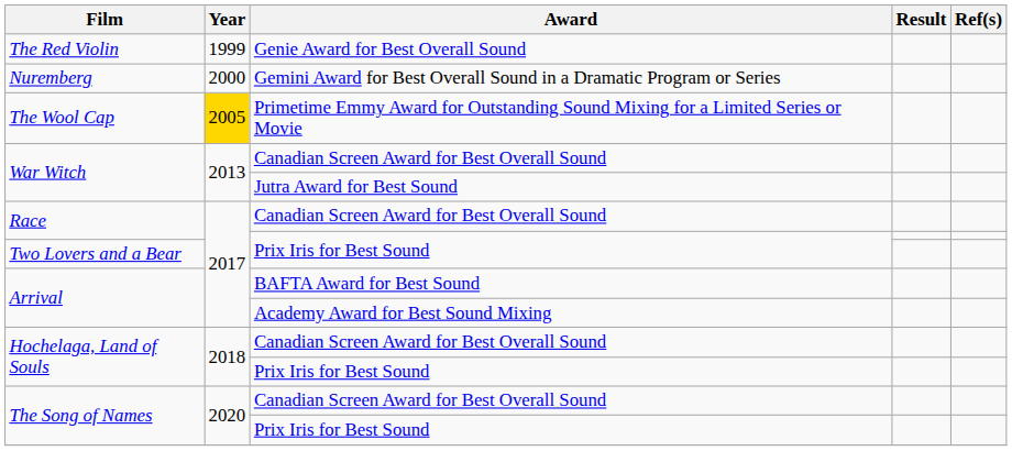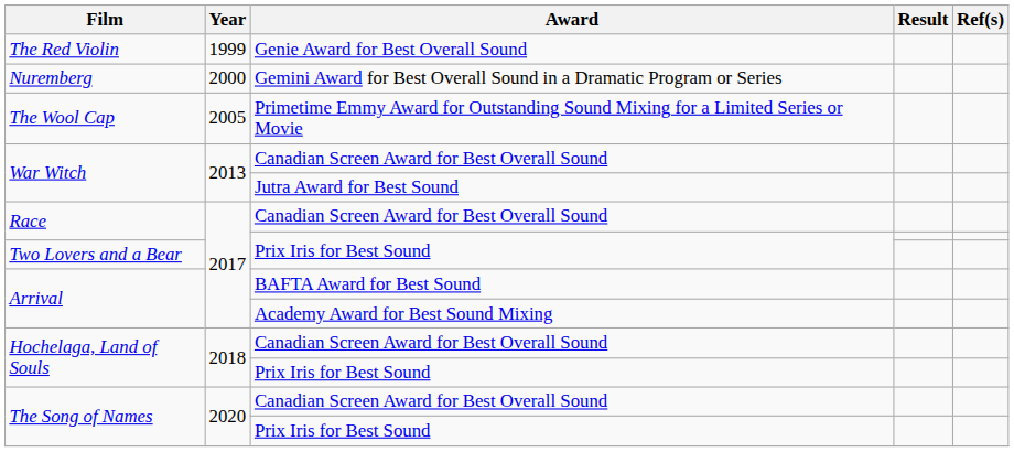 <table class="wikitable plainrowheaders sortable">
 <tr>
 <th>Film</th>
 <th>Year</th>
 <th>Award</th>
 <th>Result</th>
 <th>Ref(s)</th>
 </tr>
 <tr>
 <td><em><a href='#'>The Red Violin</a></em></td>
 <td>1999</td>
 <td><a href='#'>Genie Award for Best Overall Sound</a></td>
 <td></td>
 <td></td>
 </tr>
 <tr>
 <td><em><a href='#'>Nuremberg</a></em></td>
 <td>2000</td>
 <td><a href='#'>Gemini Award</a> for Best Overall Sound in a Dramatic Program or Series</td>
 <td></td>
 <td></td>
 </tr>
 <tr>
 <td><em><a href='#'>The Wool Cap</a></em></td>
-<td style="background: gold;">2005</td>
+<td>2005</td>
 <td><a href='#'>Primetime Emmy Award for Outstanding Sound Mixing for a Limited Series or Movie</a></td>
 <td></td>
 <td></td>
 </tr>
 <tr>
 <td rowspan="2"><em><a href='#'>War Witch</a></em></td>
 <td rowspan="2">2013</td>
 <td><a href='#'>Canadian Screen Award for Best Overall Sound</a></td>
 <td></td>
 <td></td>
 </tr>
 <tr>
 <td><a href='#'>Jutra Award for Best Sound</a></td>
 <td></td>
 <td></td>
 </tr>
 <tr>
 <td rowspan="2"><em><a href='#'>Race</a></em></td>
 <td rowspan="5">2017</td>
 <td><a href='#'>Canadian Screen Award for Best Overall Sound</a></td>
 <td></td>
 <td></td>
 </tr>
 <tr>
 <td rowspan="2"><a href='#'>Prix Iris for Best Sound</a></td>
 <td></td>
 <td></td>
 </tr>
 <tr>
 <td><em><a href='#'>Two Lovers and a Bear</a></em></td>
 <td></td>
 <td></td>
 </tr>
 <tr>
 <td rowspan="2"><em><a href='#'>Arrival</a></em></td>
 <td><a href='#'>BAFTA Award for Best Sound</a></td>
 <td></td>
 <td></td>
 </tr>
 <tr>
 <td><a href='#'>Academy Award for Best Sound Mixing</a></td>
 <td></td>
 <td></td>
 </tr>
 <tr>
 <td rowspan="2"><em><a href='#'>Hochelaga, Land of Souls</a></em></td>
 <td rowspan="2">2018</td>
 <td><a href='#'>Canadian Screen Award for Best Overall Sound</a></td>
 <td></td>
 <td></td>
 </tr>
 <tr>
 <td><a href='#'>Prix Iris for Best Sound</a></td>
 <td></td>
 <td></td>
 </tr>
 <tr>
 <td rowspan="2"><em><a href='#'>The Song of Names</a></em></td>
 <td rowspan="2">2020</td>
 <td><a href='#'>Canadian Screen Award for Best Overall Sound</a></td>
 <td></td>
 <td></td>
 </tr>
 <tr>
 <td><a href='#'>Prix Iris for Best Sound</a></td>
 <td></td>
 <td></td>
 </tr>
 <tr>
 </tr>
 </table>
